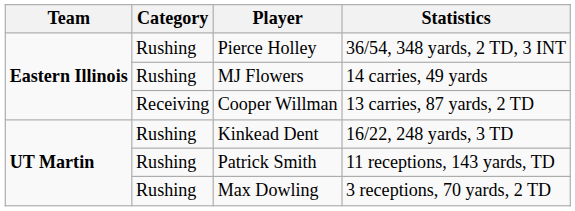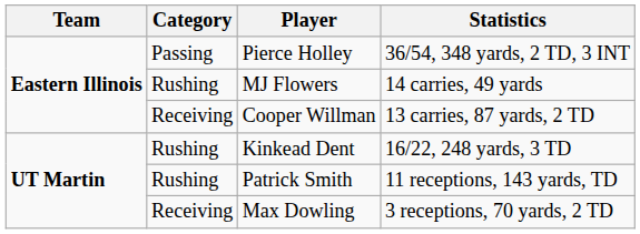 <table class="wikitable" style="float: right;">
 <tr>
 <th>Team</th>
 <th>Category</th>
 <th>Player</th>
 <th>Statistics</th>
 </tr>
 <tr>
 <td rowspan=3><strong>Eastern Illinois</strong></td>
-<td>Rushing</td>
+<td>Passing</td>
 <td>Pierce Holley</td>
 <td>36/54, 348 yards, 2 TD, 3 INT</td>
 </tr>
 <tr>
 <td>Rushing</td>
 <td>MJ Flowers</td>
 <td>14 carries, 49 yards</td>
 </tr>
 <tr>
 <td>Receiving</td>
 <td>Cooper Willman</td>
 <td>13 carries, 87 yards, 2 TD</td>
 </tr>
 <tr>
 <td rowspan=3><strong>UT Martin</strong></td>
 <td>Rushing</td>
 <td>Kinkead Dent</td>
 <td>16/22, 248 yards, 3 TD</td>
 </tr>
 <tr>
 <td>Rushing</td>
 <td>Patrick Smith</td>
 <td>11 receptions, 143 yards, TD</td>
 </tr>
 <tr>
-<td>Rushing</td>
+<td>Receiving</td>
 <td>Max Dowling</td>
 <td>3 receptions, 70 yards, 2 TD</td>
 </tr>
 </table>
